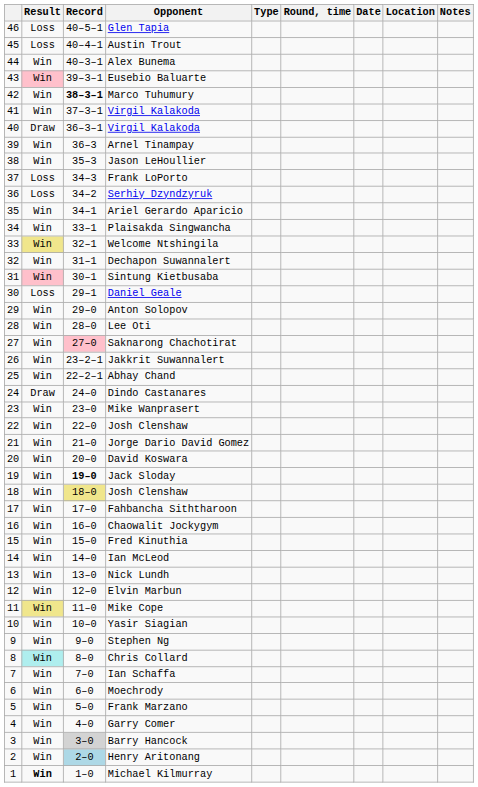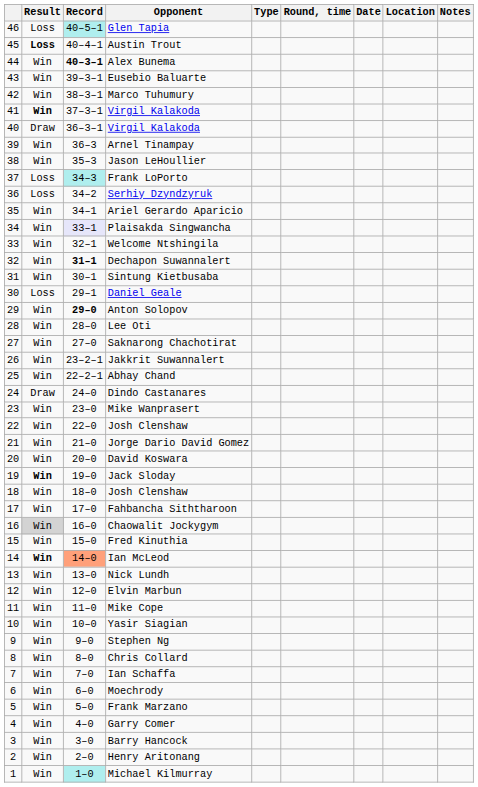 <table class="wikitable" style="text-align:center; font-size:95%">
 <tr>
 <th></th>
 <th>Result</th>
 <th>Record</th>
 <th>Opponent</th>
 <th>Type</th>
 <th>Round, time</th>
 <th>Date</th>
 <th>Location</th>
 <th>Notes</th>
 </tr>
 <tr>
 <td>46</td>
 <td>Loss</td>
-<td>40–5–1</td>
+<td style="background: paleturquoise;">40–5–1</td>
 <td align=left> <a href='#'>Glen Tapia</a></td>
 <td></td>
 <td></td>
 <td></td>
 <td align=left> </td>
 <td align=left></td>
 </tr>
 <tr>
 <td>45</td>
-<td>Loss</td>
+<td><strong>Loss</strong></td>
 <td>40–4–1</td>
 <td align=left> Austin Trout</td>
 <td></td>
 <td></td>
 <td></td>
 <td align=left> </td>
 <td align=left></td>
 </tr>
 <tr>
 <td>44</td>
 <td>Win</td>
-<td>40–3–1</td>
+<td><strong>40–3–1</strong></td>
 <td align=left> Alex Bunema</td>
 <td></td>
 <td></td>
 <td></td>
 <td align=left> </td>
 <td align=left></td>
 </tr>
 <tr>
 <td>43</td>
-<td style="background: pink;">Win</td>
+<td>Win</td>
 <td>39–3–1</td>
 <td align=left> Eusebio Baluarte</td>
 <td></td>
 <td></td>
 <td></td>
 <td align=left> </td>
 <td align=left></td>
 </tr>
 <tr>
 <td>42</td>
 <td>Win</td>
-<td><strong>38–3–1</strong></td>
+<td>38–3–1</td>
 <td align=left> Marco Tuhumury</td>
 <td></td>
 <td></td>
 <td></td>
 <td align=left> </td>
 <td align=left></td>
 </tr>
 <tr>
 <td>41</td>
-<td>Win</td>
+<td><strong>Win</strong></td>
 <td>37–3–1</td>
 <td align=left> <a href='#'>Virgil Kalakoda</a></td>
 <td></td>
 <td></td>
 <td></td>
 <td align=left> </td>
 <td align=left></td>
 </tr>
 <tr>
 <td>40</td>
 <td>Draw</td>
 <td>36–3–1</td>
 <td align=left> <a href='#'>Virgil Kalakoda</a></td>
 <td></td>
 <td></td>
 <td></td>
 <td align=left> </td>
 <td align=left></td>
 </tr>
 <tr>
 <td>39</td>
 <td>Win</td>
 <td>36–3</td>
 <td align=left> Arnel Tinampay</td>
 <td></td>
 <td></td>
 <td></td>
 <td align=left> </td>
 <td align=left></td>
 </tr>
 <tr>
 <td>38</td>
 <td>Win</td>
 <td>35–3</td>
 <td align=left> Jason LeHoullier</td>
 <td></td>
 <td></td>
 <td></td>
 <td align=left> </td>
 <td align=left></td>
 </tr>
 <tr>
 <td>37</td>
 <td>Loss</td>
-<td>34–3</td>
+<td style="background: paleturquoise;">34–3</td>
 <td align=left> Frank LoPorto</td>
 <td></td>
 <td></td>
 <td></td>
 <td align=left> </td>
 <td align=left></td>
 </tr>
 <tr>
 <td>36</td>
 <td>Loss</td>
 <td>34–2</td>
 <td align=left> <a href='#'>Serhiy Dzyndzyruk</a></td>
 <td></td>
 <td></td>
 <td></td>
 <td align=left> </td>
 <td align=left></td>
 </tr>
 <tr>
 <td>35</td>
 <td>Win</td>
 <td>34–1</td>
 <td align=left> Ariel Gerardo Aparicio</td>
 <td></td>
 <td></td>
 <td></td>
 <td align=left> </td>
 <td align=left></td>
 </tr>
 <tr>
 <td>34</td>
 <td>Win</td>
-<td>33–1</td>
+<td style="background: lavender;">33–1</td>
 <td align=left> Plaisakda Singwancha</td>
 <td></td>
 <td></td>
 <td></td>
 <td align=left> </td>
 <td align=left></td>
 </tr>
 <tr>
 <td>33</td>
-<td style="background: khaki;">Win</td>
+<td>Win</td>
 <td>32–1</td>
 <td align=left> Welcome Ntshingila</td>
 <td></td>
 <td></td>
 <td></td>
 <td align=left> </td>
 <td align=left></td>
 </tr>
 <tr>
 <td>32</td>
 <td>Win</td>
-<td>31–1</td>
+<td><strong>31–1</strong></td>
 <td align=left> Dechapon Suwannalert</td>
 <td></td>
 <td></td>
 <td></td>
 <td align=left> </td>
 <td align=left></td>
 </tr>
 <tr>
 <td>31</td>
-<td style="background: pink;">Win</td>
+<td>Win</td>
 <td>30–1</td>
 <td align=left> Sintung Kietbusaba</td>
 <td></td>
 <td></td>
 <td></td>
 <td align=left> </td>
 <td align=left></td>
 </tr>
 <tr>
 <td>30</td>
 <td>Loss</td>
 <td>29–1</td>
 <td align=left> <a href='#'>Daniel Geale</a></td>
 <td></td>
 <td></td>
 <td></td>
 <td align=left> </td>
 <td align=left></td>
 </tr>
 <tr>
 <td>29</td>
 <td>Win</td>
-<td>29–0</td>
+<td><strong>29–0</strong></td>
 <td align=left> Anton Solopov</td>
 <td></td>
 <td></td>
 <td></td>
 <td align=left> </td>
 <td align=left></td>
 </tr>
 <tr>
 <td>28</td>
 <td>Win</td>
 <td>28–0</td>
 <td align=left> Lee Oti</td>
 <td></td>
 <td></td>
 <td></td>
 <td align=left> </td>
 <td align=left></td>
 </tr>
 <tr>
 <td>27</td>
 <td>Win</td>
-<td style="background: pink;">27–0</td>
+<td>27–0</td>
 <td align=left> Saknarong Chachotirat</td>
 <td></td>
 <td></td>
 <td></td>
 <td align=left> </td>
 <td align=left></td>
 </tr>
 <tr>
 <td>26</td>
 <td>Win</td>
 <td>23–2–1</td>
 <td align=left> Jakkrit Suwannalert</td>
 <td></td>
 <td></td>
 <td></td>
 <td align=left> </td>
 <td align=left></td>
 </tr>
 <tr>
 <td>25</td>
 <td>Win</td>
 <td>22–2–1</td>
 <td align=left> Abhay Chand</td>
 <td></td>
 <td></td>
 <td></td>
 <td align=left> </td>
 <td align=left></td>
 </tr>
 <tr>
 <td>24</td>
 <td>Draw</td>
 <td>24–0</td>
 <td align=left> Dindo Castanares</td>
 <td></td>
 <td></td>
 <td></td>
 <td align=left> </td>
 <td align=left></td>
 </tr>
 <tr>
 <td>23</td>
 <td>Win</td>
 <td>23–0</td>
 <td align=left> Mike Wanprasert</td>
 <td></td>
 <td></td>
 <td></td>
 <td align=left> </td>
 <td align=left></td>
 </tr>
 <tr>
 <td>22</td>
 <td>Win</td>
 <td>22–0</td>
 <td align=left> Josh Clenshaw</td>
 <td></td>
 <td></td>
 <td></td>
 <td align=left> </td>
 <td align=left></td>
 </tr>
 <tr>
 <td>21</td>
 <td>Win</td>
 <td>21–0</td>
 <td align=left> Jorge Dario David Gomez</td>
 <td></td>
 <td></td>
 <td></td>
 <td align=left> </td>
 <td align=left></td>
 </tr>
 <tr>
 <td>20</td>
 <td>Win</td>
 <td>20–0</td>
 <td align=left> David Koswara</td>
 <td></td>
 <td></td>
 <td></td>
 <td align=left> </td>
 <td align=left></td>
 </tr>
 <tr>
 <td>19</td>
-<td>Win</td>
-<td><strong>19–0</strong></td>
+<td><strong>Win</strong></td>
+<td>19–0</td>
 <td align=left> Jack Sloday</td>
 <td></td>
 <td></td>
 <td></td>
 <td align=left> </td>
 <td align=left></td>
 </tr>
 <tr>
 <td>18</td>
 <td>Win</td>
-<td style="background: khaki;">18–0</td>
+<td>18–0</td>
 <td align=left> Josh Clenshaw</td>
 <td></td>
 <td></td>
 <td></td>
 <td align=left> </td>
 <td align=left></td>
 </tr>
 <tr>
 <td>17</td>
 <td>Win</td>
 <td>17–0</td>
 <td align=left> Fahbancha Siththaroon</td>
 <td></td>
 <td></td>
 <td></td>
 <td align=left> </td>
 <td align=left></td>
 </tr>
 <tr>
 <td>16</td>
-<td>Win</td>
+<td style="background: lightgrey;">Win</td>
 <td>16–0</td>
 <td align=left> Chaowalit Jockygym</td>
 <td></td>
 <td></td>
 <td></td>
 <td align=left> </td>
 <td align=left></td>
 </tr>
 <tr>
 <td>15</td>
 <td>Win</td>
 <td>15–0</td>
 <td align=left> Fred Kinuthia</td>
 <td></td>
 <td></td>
 <td></td>
 <td align=left> </td>
 <td align=left></td>
 </tr>
 <tr>
 <td>14</td>
-<td>Win</td>
-<td>14–0</td>
+<td><strong>Win</strong></td>
+<td style="background: lightsalmon;">14–0</td>
 <td align=left> Ian McLeod</td>
 <td></td>
 <td></td>
 <td></td>
 <td align=left> </td>
 <td align=left></td>
 </tr>
 <tr>
 <td>13</td>
 <td>Win</td>
 <td>13–0</td>
 <td align=left> Nick Lundh</td>
 <td></td>
 <td></td>
 <td></td>
 <td align=left> </td>
 <td align=left></td>
 </tr>
 <tr>
 <td>12</td>
 <td>Win</td>
 <td>12–0</td>
 <td align=left> Elvin Marbun</td>
 <td></td>
 <td></td>
 <td></td>
 <td align=left> </td>
 <td align=left></td>
 </tr>
 <tr>
 <td>11</td>
-<td style="background: khaki;">Win</td>
+<td>Win</td>
 <td>11–0</td>
 <td align=left> Mike Cope</td>
 <td></td>
 <td></td>
 <td></td>
 <td align=left> </td>
 <td align=left></td>
 </tr>
 <tr>
 <td>10</td>
 <td>Win</td>
 <td>10–0</td>
 <td align=left> Yasir Siagian</td>
 <td></td>
 <td></td>
 <td></td>
 <td align=left> </td>
 <td align=left></td>
 </tr>
 <tr>
 <td>9</td>
 <td>Win</td>
 <td>9–0</td>
 <td align=left> Stephen Ng</td>
 <td></td>
 <td></td>
 <td></td>
 <td align=left> </td>
 <td align=left></td>
 </tr>
 <tr>
 <td>8</td>
-<td style="background: paleturquoise;">Win</td>
+<td>Win</td>
 <td>8–0</td>
 <td align=left> Chris Collard</td>
 <td></td>
 <td></td>
 <td></td>
 <td align=left> </td>
 <td align=left></td>
 </tr>
 <tr>
 <td>7</td>
 <td>Win</td>
 <td>7–0</td>
 <td align=left> Ian Schaffa</td>
 <td></td>
 <td></td>
 <td></td>
 <td align=left> </td>
 <td align=left></td>
 </tr>
 <tr>
 <td>6</td>
 <td>Win</td>
 <td>6–0</td>
 <td align=left> Moechrody</td>
 <td></td>
 <td></td>
 <td></td>
 <td align=left> </td>
 <td align=left></td>
 </tr>
 <tr>
 <td>5</td>
 <td>Win</td>
 <td>5–0</td>
 <td align=left> Frank Marzano</td>
 <td></td>
 <td></td>
 <td></td>
 <td align=left> </td>
 <td align=left></td>
 </tr>
 <tr>
 <td>4</td>
 <td>Win</td>
 <td>4–0</td>
 <td align=left> Garry Comer</td>
 <td></td>
 <td></td>
 <td></td>
 <td align=left> </td>
 <td align=left></td>
 </tr>
 <tr>
 <td>3</td>
 <td>Win</td>
-<td style="background: lightgrey;">3–0</td>
+<td>3–0</td>
 <td align=left> Barry Hancock</td>
 <td></td>
 <td></td>
 <td></td>
 <td align=left> </td>
 <td align=left></td>
 </tr>
 <tr>
 <td>2</td>
 <td>Win</td>
-<td style="background: lightblue;">2–0</td>
+<td>2–0</td>
 <td align=left> Henry Aritonang</td>
 <td></td>
 <td></td>
 <td></td>
 <td align=left> </td>
 <td align=left></td>
 </tr>
 <tr>
 <td>1</td>
-<td><strong>Win</strong></td>
-<td>1–0</td>
+<td>Win</td>
+<td style="background: paleturquoise;">1–0</td>
 <td align=left> Michael Kilmurray</td>
 <td></td>
 <td></td>
 <td></td>
 <td align=left> </td>
 <td align=left></td>
 </tr>
 </table>
